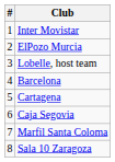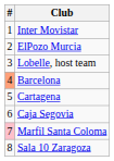 <table class="wikitable sortable">
 <tr>
 <th>#</th>
 <th>Club </th>
 </tr>
 <tr>
 <td>1</td>
 <td><a href='#'>Inter Movistar</a></td>
 </tr>
 <tr>
 <td>2</td>
 <td><a href='#'>ElPozo Murcia</a></td>
 </tr>
 <tr>
 <td>3</td>
 <td><a href='#'>Lobelle</a>, host team</td>
 </tr>
 <tr>
-<td>4</td>
+<td style="background: lightsalmon;">4</td>
 <td><a href='#'>Barcelona</a></td>
 </tr>
 <tr>
 <td>5</td>
 <td><a href='#'>Cartagena</a></td>
 </tr>
 <tr>
 <td>6</td>
 <td><a href='#'>Caja Segovia</a></td>
 </tr>
 <tr>
-<td>7</td>
+<td style="background: pink;">7</td>
 <td><a href='#'>Marfil Santa Coloma</a></td>
 </tr>
 <tr>
 <td>8</td>
 <td><a href='#'>Sala 10 Zaragoza</a></td>
 </tr>
 </table>
